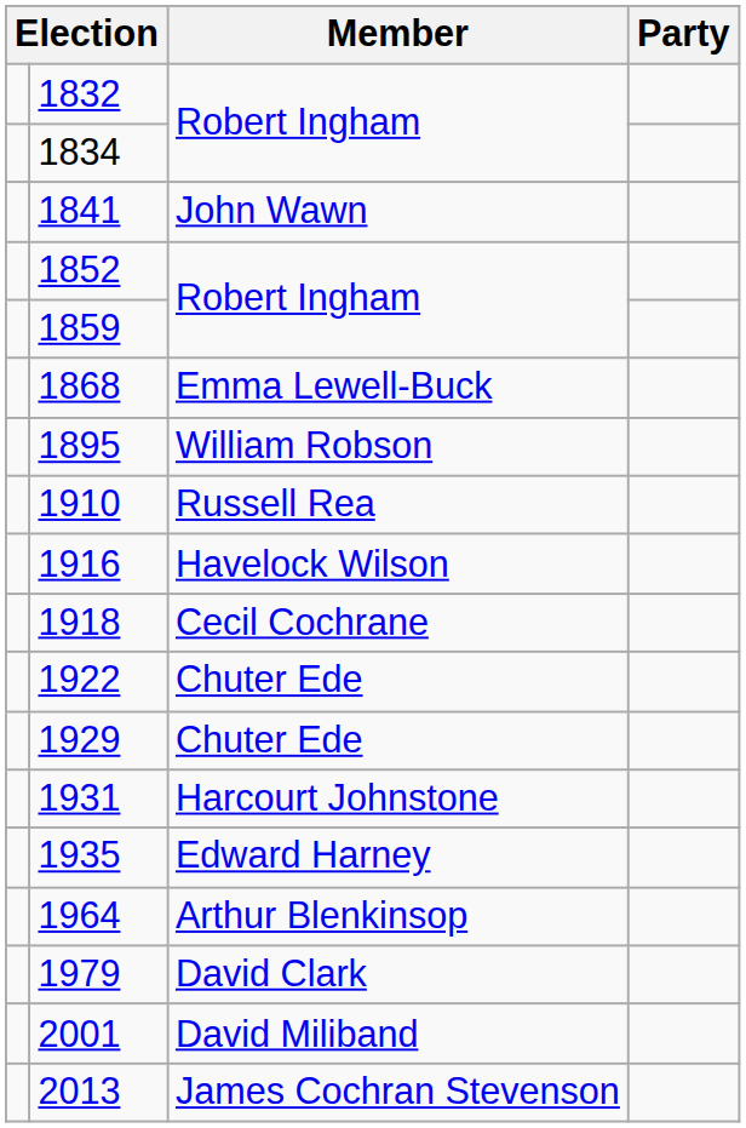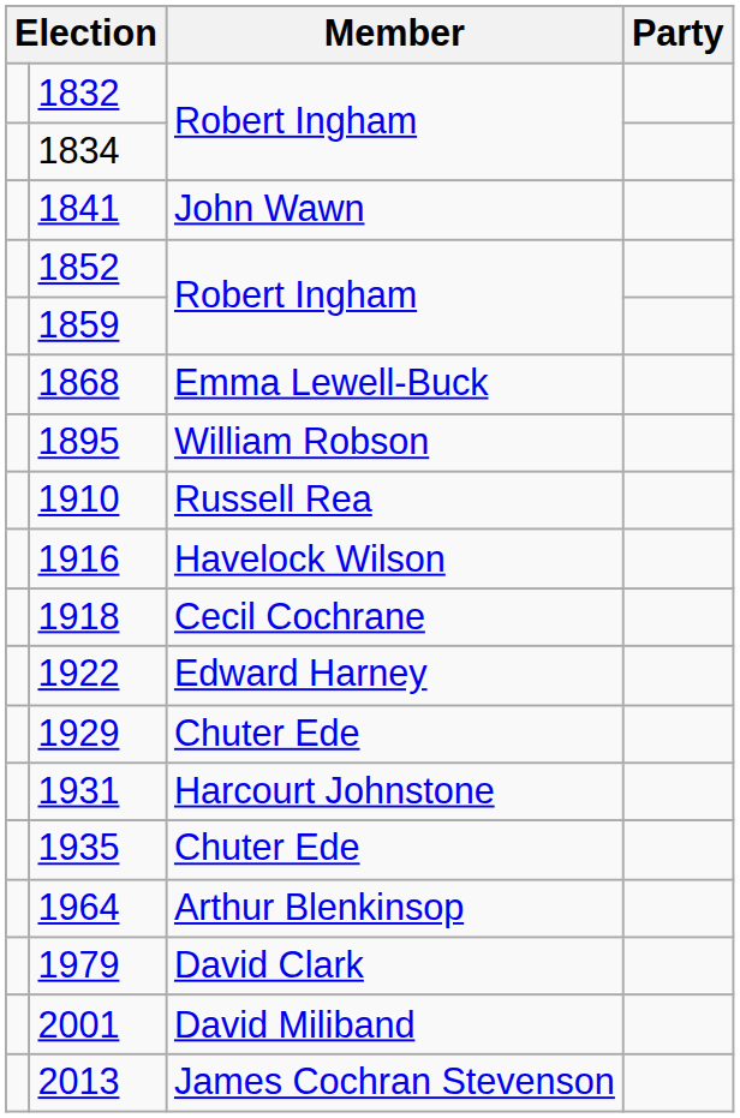 <table class="wikitable">
 <tr>
 <th colspan="2">Election</th>
 <th>Member</th>
 <th>Party</th>
 </tr>
 <tr>
 <td style="color:inherit;background-color: "></td>
 <td><a href='#'>1832</a></td>
 <td rowspan="2"><a href='#'>Robert Ingham</a></td>
 <td></td>
 </tr>
 <tr>
 <td style="color:inherit;background-color: "></td>
 <td>1834</td>
 <td></td>
 </tr>
 <tr>
 <td style="color:inherit;background-color: "></td>
 <td><a href='#'>1841</a></td>
 <td><a href='#'>John Wawn</a></td>
 <td></td>
 </tr>
 <tr>
 <td style="color:inherit;background-color: "></td>
 <td><a href='#'>1852</a></td>
 <td rowspan="2"><a href='#'>Robert Ingham</a></td>
 <td></td>
 </tr>
 <tr>
 <td style="color:inherit;background-color: "></td>
 <td><a href='#'>1859</a></td>
 <td></td>
 </tr>
 <tr>
 <td style="color:inherit;background-color: "></td>
 <td><a href='#'>1868</a></td>
 <td><a href='#'>Emma Lewell-Buck</a></td>
 <td></td>
 </tr>
 <tr>
 <td style="color:inherit;background-color: "></td>
 <td><a href='#'>1895</a></td>
 <td><a href='#'>William Robson</a></td>
 <td></td>
 </tr>
 <tr>
 <td style="color:inherit;background-color: "></td>
 <td><a href='#'>1910</a></td>
 <td><a href='#'>Russell Rea</a></td>
 <td></td>
 </tr>
 <tr>
 <td style="color:inherit;background-color: "></td>
 <td><a href='#'>1916</a></td>
 <td><a href='#'>Havelock Wilson</a></td>
 <td></td>
 </tr>
 <tr>
 <td style="color:inherit;background-color: "></td>
 <td><a href='#'>1918</a></td>
 <td><a href='#'>Cecil Cochrane</a></td>
 <td></td>
 </tr>
 <tr>
 <td style="color:inherit;background-color: "></td>
 <td><a href='#'>1922</a></td>
-<td><a href='#'>Chuter Ede</a></td>
+<td><a href='#'>Edward Harney</a></td>
 <td></td>
 </tr>
 <tr>
 <td style="color:inherit;background-color: "></td>
 <td><a href='#'>1929</a></td>
 <td><a href='#'>Chuter Ede</a></td>
 <td></td>
 </tr>
 <tr>
 <td style="color:inherit;background-color: "></td>
 <td><a href='#'>1931</a></td>
 <td><a href='#'>Harcourt Johnstone</a></td>
 <td></td>
 </tr>
 <tr>
 <td style="color:inherit;background-color: "></td>
 <td><a href='#'>1935</a></td>
-<td><a href='#'>Edward Harney</a></td>
+<td><a href='#'>Chuter Ede</a></td>
 <td></td>
 </tr>
 <tr>
 <td style="color:inherit;background-color: "></td>
 <td><a href='#'>1964</a></td>
 <td><a href='#'>Arthur Blenkinsop</a></td>
 <td></td>
 </tr>
 <tr>
 <td style="color:inherit;background-color: "></td>
 <td><a href='#'>1979</a></td>
 <td><a href='#'>David Clark</a></td>
 <td></td>
 </tr>
 <tr>
 <td style="color:inherit;background-color: "></td>
 <td><a href='#'>2001</a></td>
 <td><a href='#'>David Miliband</a></td>
 <td></td>
 </tr>
 <tr>
 <td style="color:inherit;background-color: "></td>
 <td><a href='#'>2013</a></td>
 <td><a href='#'>James Cochran Stevenson</a></td>
 <td></td>
 </tr>
 </table>
